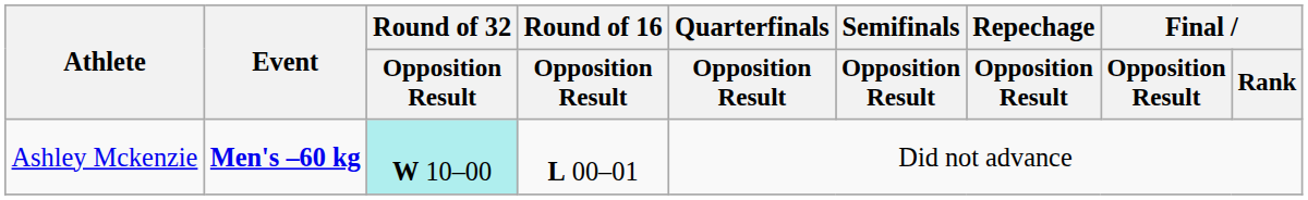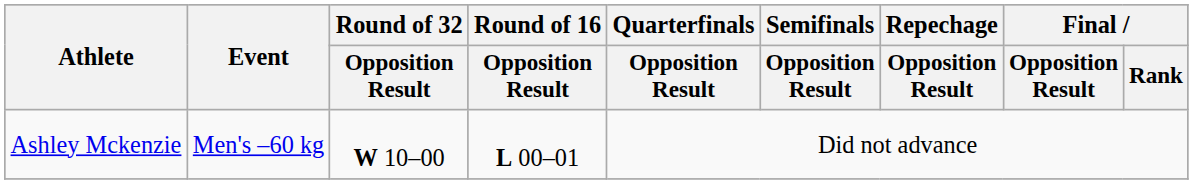 <table class="wikitable" style="font-size:90%">
 <tr>
 <th rowspan="2">Athlete</th>
 <th rowspan="2">Event</th>
 <th>Round of 32</th>
 <th>Round of 16</th>
 <th>Quarterfinals</th>
 <th>Semifinals</th>
 <th>Repechage</th>
 <th colspan=2>Final / </th>
 </tr>
 <tr style="font-size:95%">
 <th>Opposition<br>Result</th>
 <th>Opposition<br>Result</th>
 <th>Opposition<br>Result</th>
 <th>Opposition<br>Result</th>
 <th>Opposition<br>Result</th>
 <th>Opposition<br>Result</th>
 <th>Rank</th>
 </tr>
 <tr align=center>
 <td align=left><a href='#'>Ashley Mckenzie</a></td>
-<td align=left><strong><a href='#'>Men's –60 kg</a></strong></td>
-<td style="background: paleturquoise;"><br><strong>W</strong> 10–00</td>
+<td align=left><a href='#'>Men's –60 kg</a></td>
+<td><br><strong>W</strong> 10–00</td>
 <td><br><strong>L</strong> 00–01</td>
 <td colspan=5>Did not advance</td>
 </tr>
 </table>
